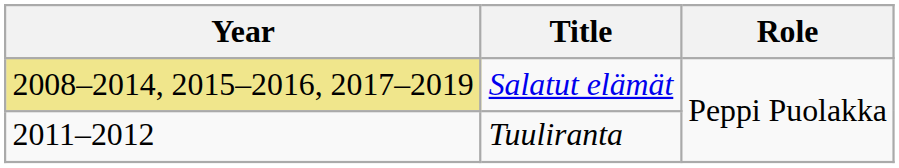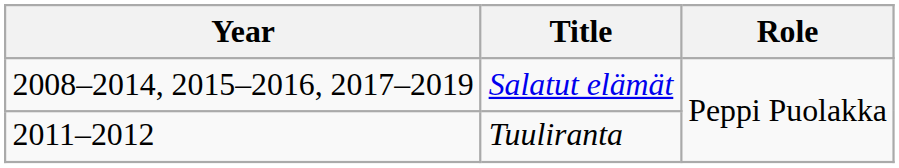 <table class="wikitable" style="font-size:90%;">
 <tr>
 <th>Year</th>
 <th>Title</th>
 <th>Role</th>
 </tr>
 <tr>
-<td style="background: khaki;">2008–2014, 2015–2016, 2017–2019</td>
+<td>2008–2014, 2015–2016, 2017–2019</td>
 <td><em><a href='#'>Salatut elämät</a></em></td>
 <td rowspan="2">Peppi Puolakka</td>
 </tr>
 <tr>
 <td>2011–2012</td>
 <td><em>Tuuliranta</em></td>
 </tr>
 </table>
